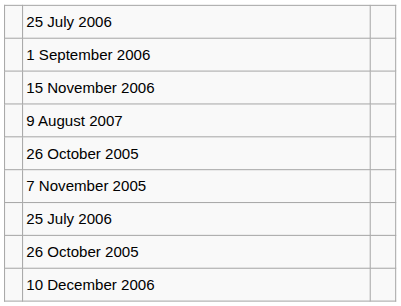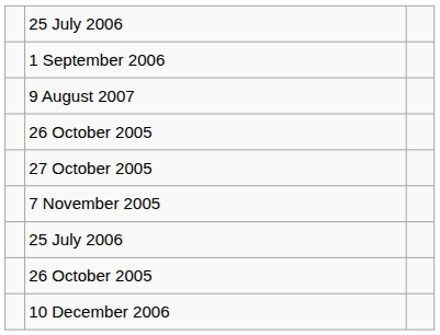 <table class="wikitable" style="font-size: 89%; float: left; width: 26em; margin-right: 1em; height: 280px;">
 <tr>
 <td></td>
 <td>25 July 2006</td>
 <td></td>
 </tr>
 <tr>
 <td></td>
 <td>1 September 2006</td>
 <td></td>
 </tr>
 <tr>
 <td></td>
-<td>15 November 2006</td>
-<td></td>
-</tr>
-<tr>
-<td></td>
 <td>9 August 2007</td>
 <td> </td>
 </tr>
 <tr>
 <td></td>
 <td>26 October 2005</td>
+<td></td>
+</tr>
+<tr>
+<td></td>
+<td>27 October 2005</td>
 <td></td>
 </tr>
 <tr>
 <td></td>
 <td>7 November 2005</td>
 <td></td>
 </tr>
 <tr>
 <td></td>
 <td>25 July 2006</td>
 <td></td>
 </tr>
 <tr>
 <td></td>
 <td>26 October 2005</td>
 <td></td>
 </tr>
 <tr>
 <td></td>
 <td>10 December 2006</td>
 <td></td>
 </tr>
 </table>
